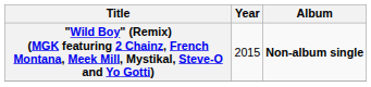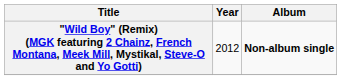 <table class="wikitable plainrowheaders" style="text-align:center;" border="1">
 <tr>
 <th scope="col" style="width:19em;">Title</th>
 <th scope="col">Year</th>
 <th scope="col">Album</th>
 </tr>
 <tr>
 <th scope="row">"<a href='#'>Wild Boy</a>" (Remix)<br><span>(<a href='#'>MGK</a> featuring <a href='#'>2 Chainz</a>, <a href='#'>French Montana</a>, <a href='#'>Meek Mill</a>, Mystikal, <a href='#'>Steve-O</a> and <a href='#'>Yo Gotti</a>)</span></th>
-<td>2015</td>
+<td>2012</td>
 <td><strong>Non-album single</strong></td>
 </tr>
 <tr>
 </tr>
 </table>
